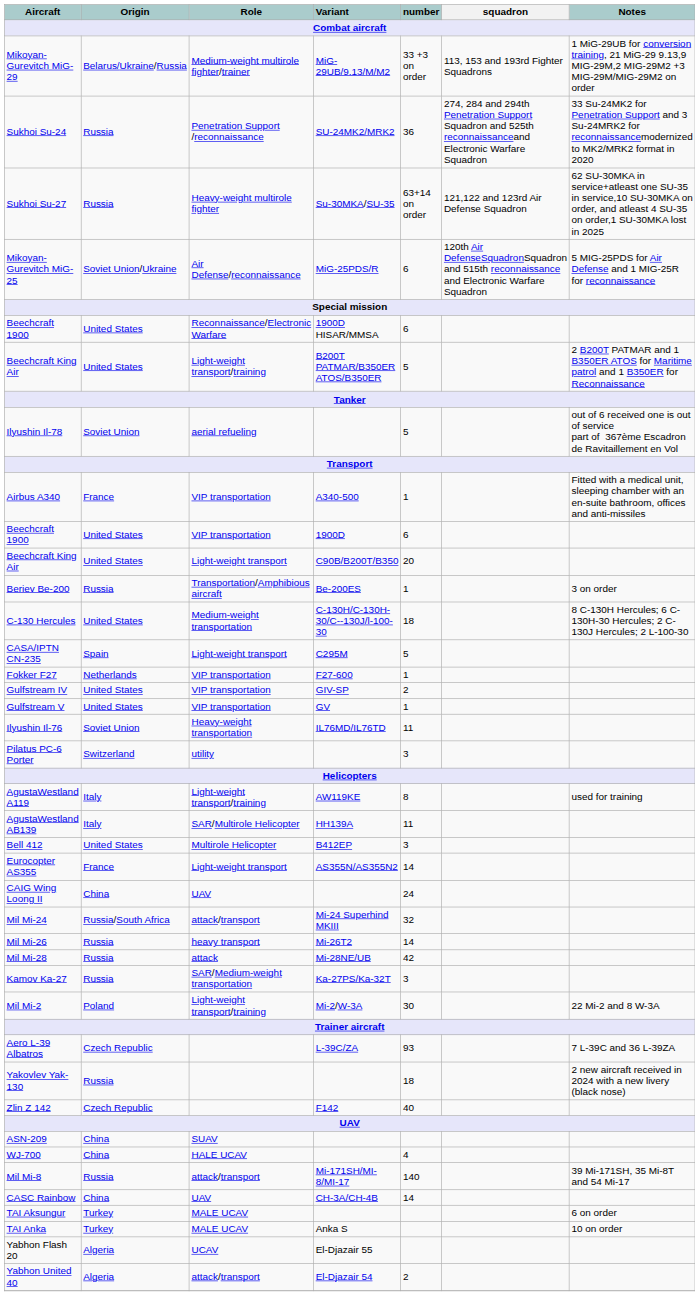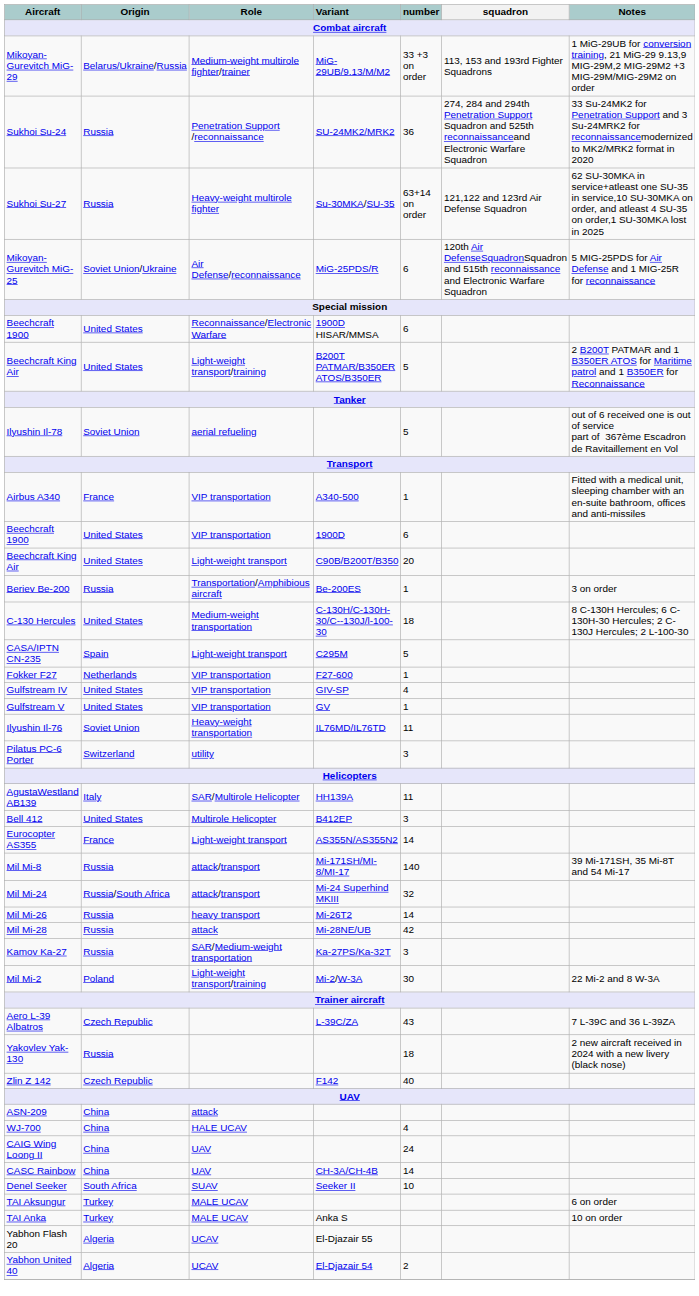 <table class="wikitable">
 <tr>
 <th style="text-align:center; background:#acc;">Aircraft</th>
 <th style="text-align: center; background:#acc;">Origin</th>
 <th style="text-align:l center; background:#acc;">Role</th>
 <th style="text-align:left; background:#acc;">Variant</th>
 <th style="text-align:center; background:#acc;">number</th>
 <th>squadron</th>
 <th style="text-align: center; background:#acc;">Notes</th>
 </tr>
 <tr>
 <th colspan="7" style="align: center; background: lavender;"><a href='#'>Combat aircraft</a></th>
 </tr>
 <tr>
 <td><a href='#'>Mikoyan-Gurevitch MiG-29</a></td>
 <td><a href='#'>Belarus/</a><a href='#'>Ukraine</a>/<a href='#'>Russia</a></td>
 <td><a href='#'>Medium-weight multirole fighter</a>/<a href='#'>trainer</a></td>
 <td><a href='#'>MiG-29UB/9.13/</a><a href='#'>M/M2</a></td>
 <td>33 +3 on order</td>
 <td>113, 153 and 193rd Fighter Squadrons</td>
 <td>1 MiG-29UB for <a href='#'>conversion training</a>, 21 MiG-29 9.13,9 MIG-29M,2 MIG-29M2 +3 MIG-29M/MIG-29M2 on order</td>
 </tr>
 <tr>
 <td><a href='#'>Sukhoi Su-24</a></td>
 <td><a href='#'>Russia</a></td>
 <td><a href='#'>Penetration Support</a> /<a href='#'>reconnaissance</a></td>
 <td><a href='#'>SU-24MK2/MRK2</a></td>
 <td>36</td>
 <td>274, 284 and 294th <a href='#'>Penetration Support</a>  Squadron and 525th <a href='#'>reconnaissance</a>and Electronic Warfare Squadron</td>
 <td>33 Su-24MK2 for <a href='#'>Penetration Support</a> and 3 Su-24MRK2 for <a href='#'>reconnaissance</a>modernized to MK2/MRK2 format in 2020</td>
 </tr>
 <tr>
 <td><a href='#'>Sukhoi Su-27</a></td>
 <td><a href='#'>Russia</a></td>
 <td><a href='#'>Heavy-weight multirole fighter</a></td>
 <td><a href='#'>Su-30MKA</a>/<a href='#'>SU-35</a></td>
 <td>63+14 on order</td>
 <td>121,122 and 123rd Air Defense Squadron</td>
 <td>62 SU-30MKA in service+atleast one SU-35 in service,10 SU-30MKA on order, and atleast 4 SU-35 on order,1 SU-30MKA lost in 2025</td>
 </tr>
 <tr>
 <td><a href='#'>Mikoyan-Gurevitch MiG-25</a></td>
 <td><a href='#'>Soviet Union</a>/<a href='#'>Ukraine</a></td>
 <td><a href='#'>Air Defense</a>/<a href='#'>reconnaissance</a></td>
 <td><a href='#'>MiG-25PDS/R</a></td>
 <td>6</td>
 <td>120th <a href='#'>Air DefenseSquadron</a>Squadron and 515th <a href='#'>reconnaissance</a> and Electronic Warfare Squadron</td>
 <td>5 MIG-25PDS for <a href='#'>Air Defense</a> and 1 MIG-25R for <a href='#'>reconnaissance</a></td>
 </tr>
 <tr>
 <th colspan="7" style="align: center; background: lavender;">Special mission</th>
 </tr>
 <tr>
 <td><a href='#'>Beechcraft 1900</a></td>
 <td><a href='#'>United States</a></td>
 <td><a href='#'>Reconnaissance</a>/<a href='#'>Electronic Warfare</a></td>
 <td><a href='#'>1900D</a> HISAR/MMSA</td>
 <td>6</td>
 <td></td>
 <td></td>
 </tr>
 <tr>
 <td><a href='#'>Beechcraft King Air</a></td>
 <td><a href='#'>United States</a></td>
 <td><a href='#'>Light-weight transport</a>/<a href='#'>training</a></td>
 <td><a href='#'>B200T PATMAR/B350ER ATOS/B350ER</a></td>
 <td>5</td>
 <td></td>
 <td>2 <a href='#'>B200T</a> PATMAR and 1 <a href='#'>B350ER ATOS</a> for <a href='#'>Maritime patrol</a> and 1 <a href='#'>B350ER</a>  for <a href='#'>Reconnaissance</a></td>
 </tr>
 <tr>
 <th colspan="7" style="align: center; background: lavender;"><a href='#'>Tanker</a></th>
 </tr>
 <tr>
 <td><a href='#'>Ilyushin Il-78</a></td>
 <td><a href='#'>Soviet Union</a></td>
 <td><a href='#'>aerial refueling</a></td>
 <td></td>
 <td>5</td>
 <td></td>
 <td>out of 6 received one is out of service<br>part of  367ème Escadron de Ravitaillement en Vol</td>
 </tr>
 <tr>
 <th colspan="7" style="align: center; background: lavender;"><a href='#'>Transport</a></th>
 </tr>
 <tr>
 <td><a href='#'>Airbus A340</a></td>
 <td><a href='#'>France</a></td>
 <td><a href='#'>VIP transportation</a></td>
 <td><a href='#'>A340-500</a></td>
 <td>1</td>
 <td></td>
 <td>Fitted with a medical unit, sleeping chamber with an en-suite bathroom, offices and anti-missiles</td>
 </tr>
 <tr>
 <td><a href='#'>Beechcraft 1900</a></td>
 <td><a href='#'>United States</a></td>
 <td><a href='#'>VIP transportation</a></td>
 <td><a href='#'>1900D</a></td>
 <td>6</td>
 <td></td>
 <td></td>
 </tr>
 <tr>
 <td><a href='#'>Beechcraft King Air</a></td>
 <td><a href='#'>United States</a></td>
 <td><a href='#'>Light-weight transport</a></td>
 <td><a href='#'>C90B/B200T/B350</a></td>
 <td>20</td>
 <td></td>
 <td></td>
 </tr>
 <tr>
 <td><a href='#'>Beriev Be-200</a></td>
 <td><a href='#'>Russia</a></td>
 <td><a href='#'>Transportation</a>/<a href='#'>Amphibious aircraft</a></td>
 <td><a href='#'>Be-200ES</a></td>
 <td>1</td>
 <td></td>
 <td>3 on order</td>
 </tr>
 <tr>
 <td><a href='#'>C-130 Hercules</a></td>
 <td><a href='#'>United States</a></td>
 <td><a href='#'>Medium-weight transportation</a></td>
 <td><a href='#'>C-130H/C-130H-30/C--130J/l-100-30</a></td>
 <td>18</td>
 <td></td>
 <td>8 C-130H Hercules; 6 C-130H-30 Hercules; 2 C-130J Hercules; 2 L-100-30</td>
 </tr>
 <tr>
 <td><a href='#'>CASA/IPTN CN-235</a></td>
 <td><a href='#'>Spain</a></td>
 <td><a href='#'>Light-weight transport</a></td>
 <td><a href='#'>C295M</a></td>
 <td>5</td>
 <td></td>
 <td></td>
 </tr>
 <tr>
 <td><a href='#'>Fokker F27</a></td>
 <td><a href='#'>Netherlands</a></td>
 <td><a href='#'>VIP transportation</a></td>
 <td><a href='#'>F27-600</a></td>
 <td>1</td>
 <td></td>
 <td></td>
 </tr>
 <tr>
 <td><a href='#'>Gulfstream IV</a></td>
 <td><a href='#'>United States</a></td>
 <td><a href='#'>VIP transportation</a></td>
 <td><a href='#'>GIV-SP</a></td>
-<td>2</td>
+<td>4</td>
 <td></td>
 <td></td>
 </tr>
 <tr>
 <td><a href='#'>Gulfstream V</a></td>
 <td><a href='#'>United States</a></td>
 <td><a href='#'>VIP transportation</a></td>
 <td><a href='#'>GV</a></td>
 <td>1</td>
 <td></td>
 <td></td>
 </tr>
 <tr>
 <td><a href='#'>Ilyushin Il-76</a></td>
 <td><a href='#'>Soviet Union</a></td>
 <td><a href='#'>Heavy-weight transportation</a></td>
 <td><a href='#'>IL76MD/IL76TD</a></td>
 <td>11</td>
 <td></td>
 <td></td>
 </tr>
 <tr>
 <td><a href='#'>Pilatus PC-6 Porter</a></td>
 <td><a href='#'>Switzerland</a></td>
 <td><a href='#'>utility</a></td>
 <td></td>
 <td>3</td>
 <td></td>
 <td></td>
 </tr>
 <tr>
 <th colspan="7" style="align: center; background: lavender;"><a href='#'>Helicopters</a></th>
 </tr>
 <tr>
-<td><a href='#'>AgustaWestland A119</a></td>
-<td><a href='#'>Italy</a></td>
-<td><a href='#'>Light-weight transport</a>/<a href='#'>training</a></td>
-<td><a href='#'>AW119KE</a></td>
-<td>8</td>
-<td></td>
-<td>used for training</td>
-</tr>
-<tr>
 <td><a href='#'>AgustaWestland AB139</a></td>
 <td><a href='#'>Italy</a></td>
 <td><a href='#'>SAR</a>/<a href='#'>Multirole Helicopter</a></td>
 <td><a href='#'>HH139A</a></td>
 <td>11</td>
 <td></td>
 <td></td>
 </tr>
 <tr>
 <td><a href='#'>Bell 412</a></td>
 <td><a href='#'>United States</a></td>
 <td><a href='#'>Multirole Helicopter</a></td>
 <td><a href='#'>B412EP</a></td>
 <td>3</td>
 <td></td>
 <td></td>
 </tr>
 <tr>
 <td><a href='#'>Eurocopter AS355</a></td>
 <td><a href='#'>France</a></td>
 <td><a href='#'>Light-weight transport</a></td>
 <td><a href='#'>AS355N/AS355N2</a></td>
 <td>14</td>
 <td></td>
 <td></td>
 </tr>
 <tr>
-<td><a href='#'>CAIG Wing Loong II</a></td>
-<td><a href='#'>China</a></td>
-<td><a href='#'>UAV</a></td>
+<td><a href='#'>Mil Mi-8</a></td>
+<td><a href='#'>Russia</a></td>
+<td><a href='#'>attack</a>/<a href='#'>transport</a></td>
+<td><a href='#'>Mi-171SH/MI-8/MI-17</a></td>
+<td>140</td>
 <td></td>
-<td>24</td>
-<td></td>
-<td></td>
+<td>39 Mi-171SH, 35 Mi-8T and 54 Mi-17</td>
 </tr>
 <tr>
 <td><a href='#'>Mil Mi-24</a></td>
 <td><a href='#'>Russia</a>/<a href='#'>South Africa</a></td>
 <td><a href='#'>attack</a>/<a href='#'>transport</a></td>
 <td><a href='#'>Mi-24 Superhind MKIII</a></td>
 <td>32</td>
 <td></td>
 <td></td>
 </tr>
 <tr>
 <td><a href='#'>Mil Mi-26</a></td>
 <td><a href='#'>Russia</a></td>
 <td><a href='#'>heavy transport</a></td>
 <td><a href='#'>Mi-26T2</a></td>
 <td>14</td>
 <td></td>
 <td></td>
 </tr>
 <tr>
 <td><a href='#'>Mil Mi-28</a></td>
 <td><a href='#'>Russia</a></td>
 <td><a href='#'>attack</a></td>
 <td><a href='#'>Mi-28NE/UB</a></td>
 <td>42</td>
 <td></td>
 <td></td>
 </tr>
 <tr>
 <td><a href='#'>Kamov Ka-27</a></td>
 <td><a href='#'>Russia</a></td>
 <td><a href='#'>SAR</a>/<a href='#'>Medium-weight transportation</a></td>
 <td><a href='#'>Ka-27PS/Ka-32T</a></td>
 <td>3</td>
 <td></td>
 <td></td>
 </tr>
 <tr>
 <td><a href='#'>Mil Mi-2</a></td>
 <td><a href='#'>Poland</a></td>
 <td><a href='#'>Light-weight transport</a>/<a href='#'>training</a></td>
 <td><a href='#'>Mi-2</a>/<a href='#'>W-3A</a></td>
 <td>30</td>
 <td></td>
 <td>22 Mi-2 and 8 W-3A</td>
 </tr>
 <tr>
 <th colspan="7" style="align: center; background: lavender;"><a href='#'>Trainer aircraft</a></th>
 </tr>
 <tr>
 <td><a href='#'>Aero L-39 Albatros</a></td>
 <td><a href='#'>Czech Republic</a></td>
 <td></td>
 <td><a href='#'>L-39C/ZA</a></td>
-<td>93</td>
+<td>43</td>
 <td></td>
 <td>7 L-39C and 36 L-39ZA</td>
 </tr>
 <tr>
 <td><a href='#'>Yakovlev Yak-130</a></td>
 <td><a href='#'>Russia</a></td>
 <td></td>
 <td></td>
 <td>18</td>
 <td></td>
 <td>2 new aircraft received in 2024 with a new livery (black nose)</td>
 </tr>
 <tr>
 <td><a href='#'>Zlin Z 142</a></td>
 <td><a href='#'>Czech Republic</a></td>
 <td></td>
 <td><a href='#'>F142</a></td>
 <td>40</td>
 <td></td>
 <td></td>
 </tr>
 <tr>
 <th colspan="7" style="align: center; background: lavender;"><a href='#'>UAV</a></th>
 </tr>
 <tr>
 <td><a href='#'>ASN-209</a></td>
 <td><a href='#'>China</a></td>
-<td><a href='#'>S</a><a href='#'>UAV</a></td>
+<td><a href='#'>attack</a></td>
 <td></td>
 <td></td>
 <td></td>
 <td></td>
 </tr>
 <tr>
 <td><a href='#'>WJ-700</a></td>
 <td><a href='#'>China</a></td>
 <td><a href='#'>HALE UCAV</a></td>
 <td></td>
 <td>4</td>
 <td></td>
 <td></td>
 </tr>
 <tr>
-<td><a href='#'>Mil Mi-8</a></td>
-<td><a href='#'>Russia</a></td>
-<td><a href='#'>attack</a>/<a href='#'>transport</a></td>
-<td><a href='#'>Mi-171SH/MI-8/MI-17</a></td>
-<td>140</td>
+<td><a href='#'>CAIG Wing Loong II</a></td>
+<td><a href='#'>China</a></td>
+<td><a href='#'>UAV</a></td>
 <td></td>
-<td>39 Mi-171SH, 35 Mi-8T and 54 Mi-17</td>
+<td>24</td>
+<td></td>
+<td></td>
 </tr>
 <tr>
 <td><a href='#'>CASC Rainbow</a></td>
 <td><a href='#'>China</a></td>
 <td><a href='#'>UAV</a></td>
 <td><a href='#'>CH-3A/CH-4B</a></td>
 <td>14</td>
+<td></td>
+<td></td>
+</tr>
+<tr>
+<td><a href='#'>Denel Seeker</a></td>
+<td><a href='#'>South Africa</a></td>
+<td><a href='#'>S</a><a href='#'>UAV</a></td>
+<td><a href='#'>Seeker II</a></td>
+<td>10</td>
 <td></td>
 <td></td>
 </tr>
 <tr>
 <td><a href='#'>TAI Aksungur</a></td>
 <td><a href='#'>Turkey</a></td>
 <td><a href='#'>MALE UCAV</a></td>
 <td></td>
 <td></td>
 <td></td>
 <td>6 on order</td>
 </tr>
 <tr>
 <td><a href='#'>TAI Anka</a></td>
 <td><a href='#'>Turkey</a></td>
 <td><a href='#'>MALE UCAV</a></td>
 <td>Anka S</td>
 <td></td>
 <td></td>
 <td>10 on order</td>
 </tr>
 <tr>
 <td>Yabhon Flash 20</td>
 <td><a href='#'>Algeria</a></td>
 <td><a href='#'>UCAV</a></td>
 <td>El-Djazair 55</td>
 <td></td>
 <td></td>
 <td></td>
 </tr>
 <tr>
 <td><a href='#'>Yabhon United 40</a></td>
 <td><a href='#'>Algeria</a></td>
-<td><a href='#'>attack</a>/<a href='#'>transport</a></td>
+<td><a href='#'>UCAV</a></td>
 <td><a href='#'>El-Djazair 54</a></td>
 <td>2</td>
 <td></td>
 <td></td>
 </tr>
 <tr>
 </tr>
 </table>
